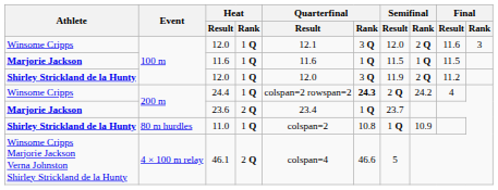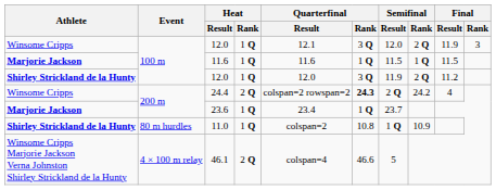 <table class="wikitable" style="font-size:90%">
 <tr>
 <th rowspan=2>Athlete</th>
 <th rowspan=2>Event</th>
 <th colspan=2>Heat</th>
 <th colspan=2>Quarterfinal</th>
 <th colspan=2>Semifinal</th>
 <th colspan=2>Final</th>
 </tr>
 <tr style="font-size:95%">
 <th>Result</th>
 <th>Rank</th>
 <th>Result</th>
 <th>Rank</th>
 <th>Result</th>
 <th>Rank</th>
 <th>Result</th>
 <th>Rank</th>
 </tr>
 <tr align=center>
 <td align=left><a href='#'>Winsome Cripps</a></td>
 <td align=left rowspan=3><a href='#'>100 m</a></td>
 <td>12.0</td>
 <td>1 <strong>Q</strong></td>
 <td>12.1</td>
 <td>3 <strong>Q</strong></td>
 <td>12.0</td>
 <td>2 <strong>Q</strong></td>
-<td>11.6</td>
+<td>11.9</td>
 <td>3</td>
 </tr>
 <tr align=center>
 <td align=left><strong><a href='#'>Marjorie Jackson</a></strong></td>
 <td>11.6</td>
 <td>1 <strong>Q</strong></td>
 <td>11.6</td>
 <td>1 <strong>Q</strong></td>
 <td>11.5</td>
 <td>1 <strong>Q</strong></td>
 <td>11.5</td>
 <td></td>
 </tr>
 <tr align=center>
 <td align=left><strong><a href='#'>Shirley Strickland de la Hunty</a></strong></td>
 <td>12.0</td>
 <td>1 <strong>Q</strong></td>
 <td>12.0</td>
 <td>3 <strong>Q</strong></td>
 <td>11.9</td>
 <td>2 <strong>Q</strong></td>
 <td>11.2</td>
 <td></td>
 </tr>
 <tr align=center>
 <td align=left><a href='#'>Winsome Cripps</a></td>
 <td align=left rowspan=2><a href='#'>200 m</a></td>
 <td>24.4</td>
-<td>1 <strong>Q</strong></td>
+<td>2 <strong>Q</strong></td>
 <td>colspan=2 rowspan=2 </td>
 <td><strong>24.3</strong></td>
 <td>2 <strong>Q</strong></td>
 <td>24.2</td>
 <td>4</td>
 </tr>
 <tr align=center>
 <td align=left><strong><a href='#'>Marjorie Jackson</a></strong></td>
 <td>23.6</td>
-<td>2 <strong>Q</strong></td>
+<td>1 <strong>Q</strong></td>
 <td>23.4</td>
 <td>1 <strong>Q</strong></td>
 <td>23.7</td>
 <td></td>
 </tr>
 <tr align=center>
 <td align=left><strong><a href='#'>Shirley Strickland de la Hunty</a></strong></td>
 <td align=left><a href='#'>80 m hurdles</a></td>
 <td>11.0</td>
 <td>1 <strong>Q</strong></td>
 <td>colspan=2 </td>
 <td>10.8</td>
 <td>1 <strong>Q</strong></td>
 <td>10.9</td>
 <td></td>
 </tr>
 <tr align=center>
 <td align=left><a href='#'>Winsome Cripps</a><br><a href='#'>Marjorie Jackson</a><br><a href='#'>Verna Johnston</a><br><a href='#'>Shirley Strickland de la Hunty</a></td>
 <td align=left><a href='#'>4 × 100 m relay</a></td>
 <td>46.1</td>
 <td>2 <strong>Q</strong></td>
 <td>colspan=4 </td>
 <td>46.6</td>
 <td>5</td>
 </tr>
 </table>
